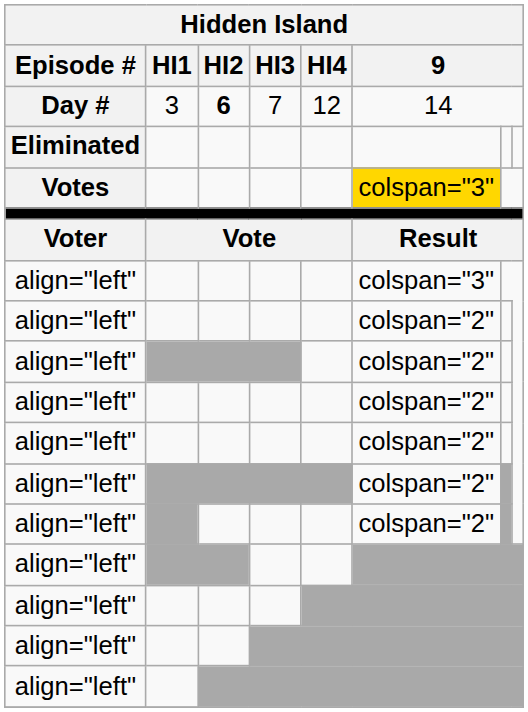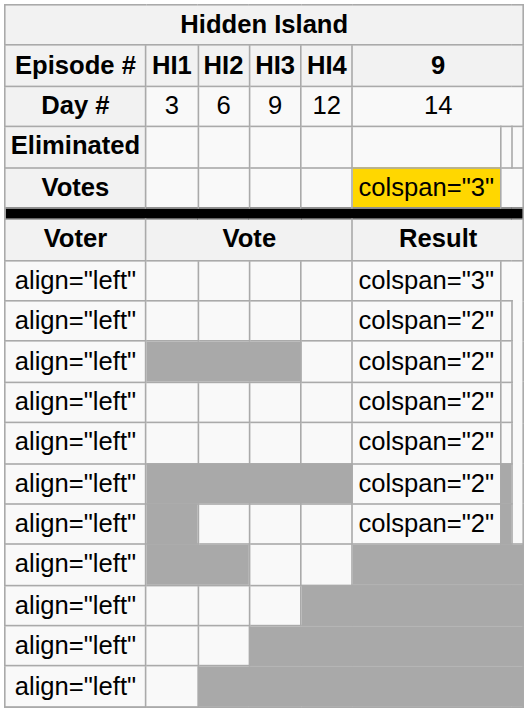 <table class="wikitable" style="text-align:center">
 <tr>
 <th colspan=12>Hidden Island</th>
 </tr>
 <tr>
 <th>Episode #</th>
 <th>HI1</th>
 <th>HI2</th>
 <th>HI3</th>
 <th>HI4</th>
 <th colspan=3>9</th>
 </tr>
 <tr>
 <th>Day #</th>
 <td>3</td>
-<td><strong>6</strong></td>
-<td>7</td>
+<td>6</td>
+<td>9</td>
 <td>12</td>
 <td colspan="3">14</td>
 </tr>
 <tr>
 <th>Eliminated</th>
 <td></td>
 <td></td>
 <td></td>
 <td></td>
 <td></td>
 <td></td>
 <td></td>
 </tr>
 <tr>
 <th>Votes</th>
 <td></td>
 <td></td>
 <td></td>
 <td></td>
 <td style="background: gold;">colspan="3" </td>
 </tr>
 <tr>
 <td bgcolor=black colspan=8></td>
 </tr>
 <tr>
 <th>Voter</th>
 <th colspan=4>Vote</th>
 <th colspan="3">Result</th>
 </tr>
 <tr>
 <td>align="left" </td>
 <td></td>
 <td></td>
 <td></td>
 <td></td>
 <td>colspan="3" </td>
 </tr>
 <tr>
 <td>align="left" </td>
 <td></td>
 <td></td>
 <td></td>
 <td></td>
 <td>colspan="2" </td>
 <td></td>
 </tr>
 <tr>
 <td>align="left" </td>
 <td colspan=3 bgcolor="darkgray"></td>
 <td></td>
 <td>colspan="2" </td>
 <td></td>
 </tr>
 <tr>
 <td>align="left" </td>
 <td></td>
 <td></td>
 <td></td>
 <td></td>
 <td>colspan="2" </td>
 <td></td>
 </tr>
 <tr>
 <td>align="left" </td>
 <td></td>
 <td></td>
 <td></td>
 <td></td>
 <td>colspan="2" </td>
 <td></td>
 </tr>
 <tr>
 <td>align="left" </td>
 <td colspan=4 bgcolor="darkgray"></td>
 <td>colspan="2" </td>
 <td bgcolor="darkgray"></td>
 </tr>
 <tr>
 <td>align="left" </td>
 <td bgcolor="darkgray"></td>
 <td></td>
 <td></td>
 <td></td>
 <td>colspan="2" </td>
 <td bgcolor="darkgray"></td>
 </tr>
 <tr>
 <td>align="left" </td>
 <td bgcolor="darkgray" colspan=2></td>
 <td></td>
 <td></td>
 <td bgcolor="darkgray" colspan=3></td>
 </tr>
 <tr>
 <td>align="left" </td>
 <td></td>
 <td></td>
 <td></td>
 <td bgcolor="darkgray" colspan=4></td>
 </tr>
 <tr>
 <td>align="left" </td>
 <td></td>
 <td></td>
 <td bgcolor="darkgray" colspan=5></td>
 </tr>
 <tr>
 <td>align="left" </td>
 <td></td>
 <td bgcolor="darkgray" colspan=6></td>
 </tr>
 <tr>
 </tr>
 </table>
